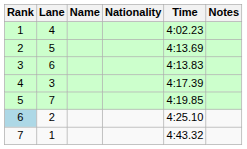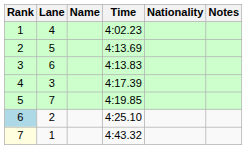 <table class="wikitable sortable" style="text-align:center">
 <tr>
 <th>Rank</th>
 <th>Lane</th>
 <th>Name</th>
+<th>Time</th>
 <th>Nationality</th>
-<th>Time</th>
 <th>Notes</th>
 </tr>
 <tr bgcolor=ccffcc>
 <td>1</td>
 <td>4</td>
 <td align=left></td>
+<td>4:02.23</td>
 <td align=left></td>
-<td>4:02.23</td>
 <td><strong></strong></td>
 </tr>
 <tr bgcolor=ccffcc>
 <td>2</td>
 <td>5</td>
 <td align=left></td>
+<td>4:13.69</td>
 <td align=left></td>
-<td>4:13.69</td>
 <td><strong></strong></td>
 </tr>
 <tr bgcolor=ccffcc>
 <td>3</td>
 <td>6</td>
 <td align=left></td>
+<td>4:13.83</td>
 <td align=left></td>
-<td>4:13.83</td>
 <td><strong></strong></td>
 </tr>
 <tr bgcolor=ccffcc>
 <td>4</td>
 <td>3</td>
 <td align=left></td>
+<td>4:17.39</td>
 <td align=left></td>
-<td>4:17.39</td>
 <td><strong></strong></td>
 </tr>
 <tr bgcolor=ccffcc>
 <td>5</td>
 <td>7</td>
 <td align=left></td>
+<td>4:19.85</td>
 <td align=left></td>
-<td>4:19.85</td>
 <td><strong></strong></td>
 </tr>
 <tr>
 <td style="background: lightblue;">6</td>
 <td>2</td>
 <td align=left></td>
+<td>4:25.10</td>
 <td align=left></td>
-<td>4:25.10</td>
 <td></td>
 </tr>
 <tr>
-<td>7</td>
+<td style="background: lightyellow;">7</td>
 <td>1</td>
 <td align=left></td>
+<td>4:43.32</td>
 <td align=left></td>
-<td>4:43.32</td>
 <td></td>
 </tr>
 </table>
